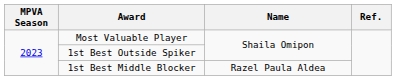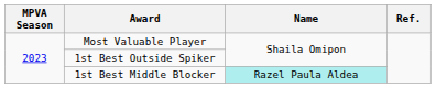 <table class="wikitable">
 <tr>
 <th width=70px>MPVA Season</th>
 <th width=200px>Award</th>
 <th width=200px>Name</th>
 <th width=50px>Ref.</th>
 </tr>
 <tr align=center>
 <td rowspan=3><a href='#'>2023</a></td>
 <td>Most Valuable Player</td>
 <td rowspan=2>Shaila Omipon</td>
 <td rowspan=3></td>
 </tr>
 <tr align=center>
 <td>1st Best Outside Spiker</td>
 </tr>
 <tr align=center>
 <td>1st Best Middle Blocker</td>
-<td>Razel Paula Aldea</td>
+<td style="background: paleturquoise;">Razel Paula Aldea</td>
 </tr>
 </table>
